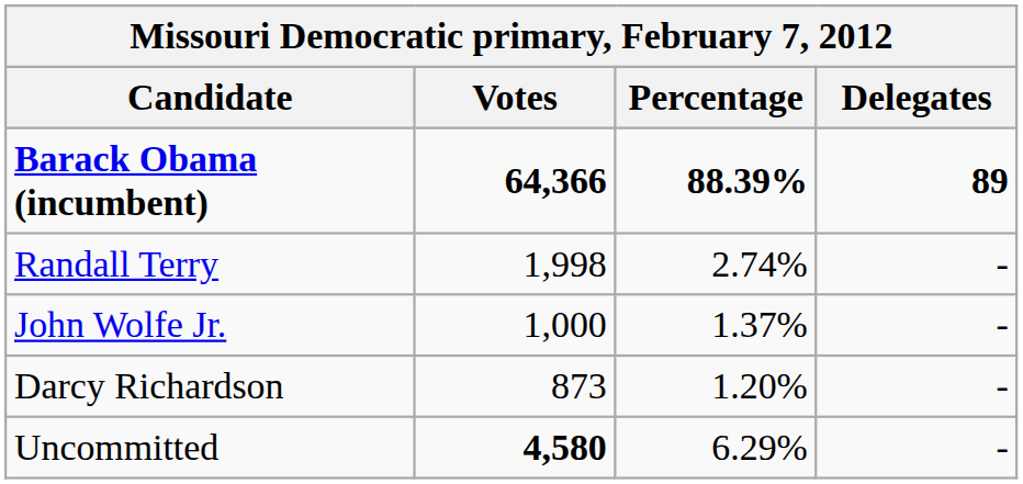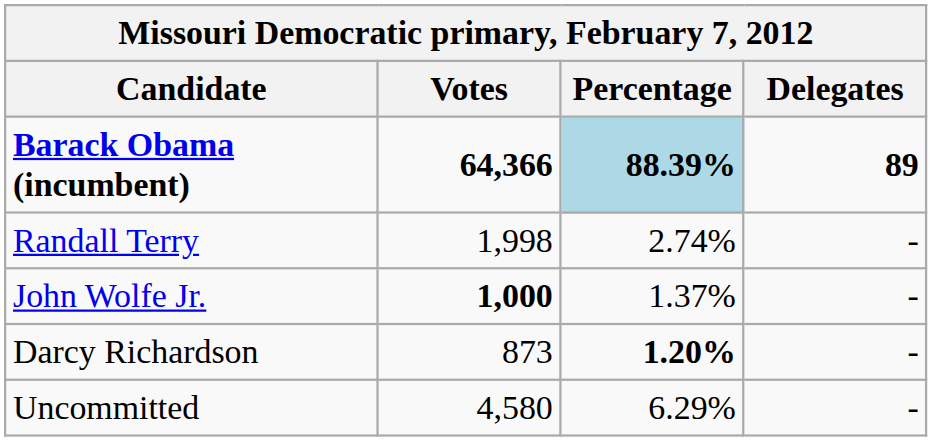 <table class="wikitable" style="font-size:95%;">
 <tr>
 <th colspan="4">Missouri Democratic primary, February 7, 2012</th>
 </tr>
 <tr>
 <th style="width:160px;">Candidate</th>
 <th style="width:75px;">Votes</th>
 <th style="width:75px;">Percentage</th>
 <th style="width:75px;">Delegates</th>
 </tr>
 <tr style="text-align:right;">
 <td style="text-align:left;"><strong><a href='#'>Barack Obama</a></strong> <strong>(incumbent)</strong></td>
 <td><strong>64,366</strong></td>
-<td><strong>88.39%</strong></td>
+<td style="background: lightblue;"><strong>88.39%</strong></td>
 <td><strong>89</strong></td>
 </tr>
 <tr style="text-align:right;">
 <td style="text-align:left;"><a href='#'>Randall Terry</a></td>
 <td>1,998</td>
 <td>2.74%</td>
 <td>-</td>
 </tr>
 <tr style="text-align:right;">
 <td style="text-align:left;"><a href='#'>John Wolfe Jr.</a></td>
-<td>1,000</td>
+<td><strong>1,000</strong></td>
 <td>1.37%</td>
 <td>-</td>
 </tr>
 <tr style="text-align:right;">
 <td style="text-align:left;">Darcy Richardson</td>
 <td>873</td>
-<td>1.20%</td>
+<td><strong>1.20%</strong></td>
 <td>-</td>
 </tr>
 <tr style="text-align:right;">
 <td style="text-align:left;">Uncommitted</td>
-<td><strong>4,580</strong></td>
+<td>4,580</td>
 <td>6.29%</td>
 <td>-</td>
 </tr>
 </table>
